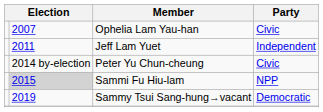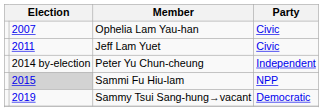 <table class="wikitable">
 <tr>
 <th colspan="2">Election</th>
 <th>Member</th>
 <th>Party</th>
 </tr>
 <tr>
 <td style="background-color: "></td>
 <td><a href='#'>2007</a></td>
 <td>Ophelia Lam Yau-han</td>
 <td><a href='#'>Civic</a></td>
 </tr>
 <tr>
 <td style="background-color: "></td>
 <td><a href='#'>2011</a></td>
 <td>Jeff Lam Yuet</td>
-<td><a href='#'>Independent</a></td>
+<td><a href='#'>Civic</a></td>
 </tr>
 <tr>
 <td style="background-color: "></td>
 <td>2014 by-election</td>
 <td>Peter Yu Chun-cheung</td>
-<td><a href='#'>Civic</a></td>
+<td><a href='#'>Independent</a></td>
 </tr>
 <tr>
 <td style="background-color: "></td>
 <td style="background: lightgrey;"><a href='#'>2015</a></td>
 <td>Sammi Fu Hiu-lam</td>
 <td><a href='#'>NPP</a></td>
 </tr>
 <tr>
 <td style="background-color: "></td>
 <td><a href='#'>2019</a></td>
 <td>Sammy Tsui Sang-hung→vacant</td>
 <td><a href='#'>Democratic</a></td>
 </tr>
 <tr>
 </tr>
 <tr>
 </tr>
 </table>
